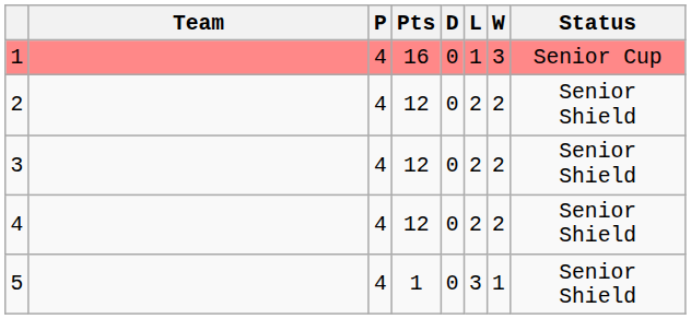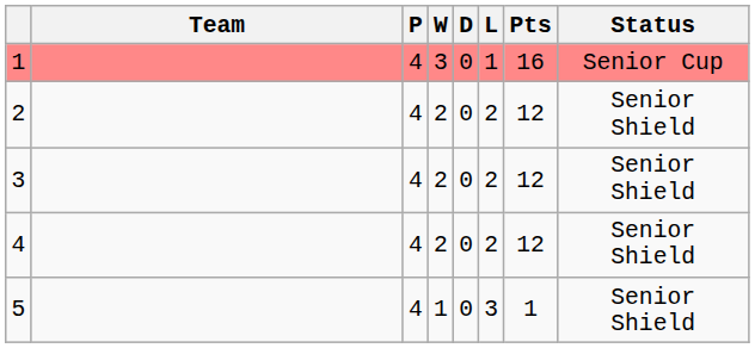 <table class="wikitable" style="text-align:center;">
 <tr>
 <th></th>
 <th width="200px">Team</th>
 <th>P</th>
-<th width="23px">Pts</th>
+<th>W</th>
 <th>D</th>
 <th>L</th>
-<th>W</th>
+<th width="23px">Pts</th>
 <th width="100px">Status</th>
 </tr>
 <tr bgcolor="#FF8888">
 <td>1</td>
 <td></td>
 <td>4</td>
-<td>16</td>
+<td>3</td>
 <td>0</td>
 <td>1</td>
-<td>3</td>
+<td>16</td>
 <td>Senior Cup</td>
 </tr>
 <tr>
 <td>2</td>
 <td></td>
 <td>4</td>
-<td>12</td>
+<td>2</td>
 <td>0</td>
 <td>2</td>
-<td>2</td>
+<td>12</td>
 <td>Senior Shield</td>
 </tr>
 <tr>
 <td>3</td>
 <td></td>
 <td>4</td>
-<td>12</td>
+<td>2</td>
 <td>0</td>
 <td>2</td>
-<td>2</td>
+<td>12</td>
 <td>Senior Shield</td>
 </tr>
 <tr>
 <td>4</td>
 <td></td>
 <td>4</td>
-<td>12</td>
+<td>2</td>
 <td>0</td>
 <td>2</td>
-<td>2</td>
+<td>12</td>
 <td>Senior Shield</td>
 </tr>
 <tr>
 <td>5</td>
 <td></td>
 <td>4</td>
 <td>1</td>
 <td>0</td>
 <td>3</td>
 <td>1</td>
 <td>Senior Shield</td>
 </tr>
 </table>
